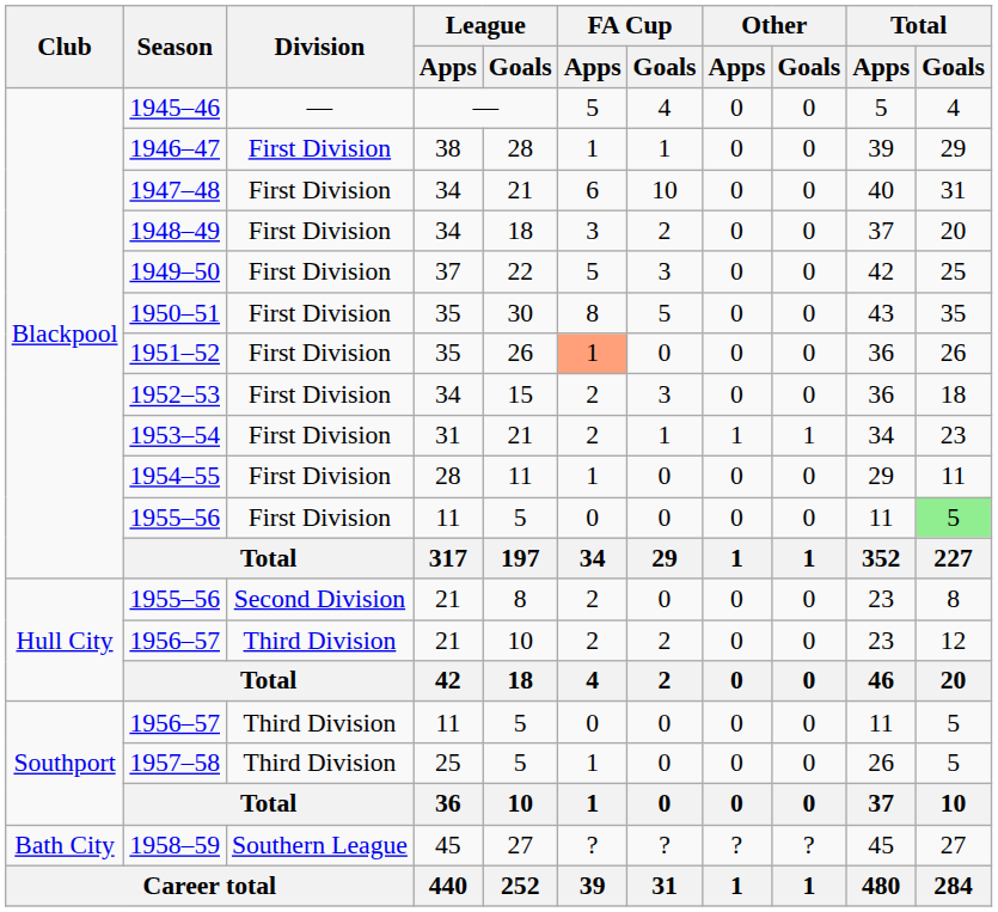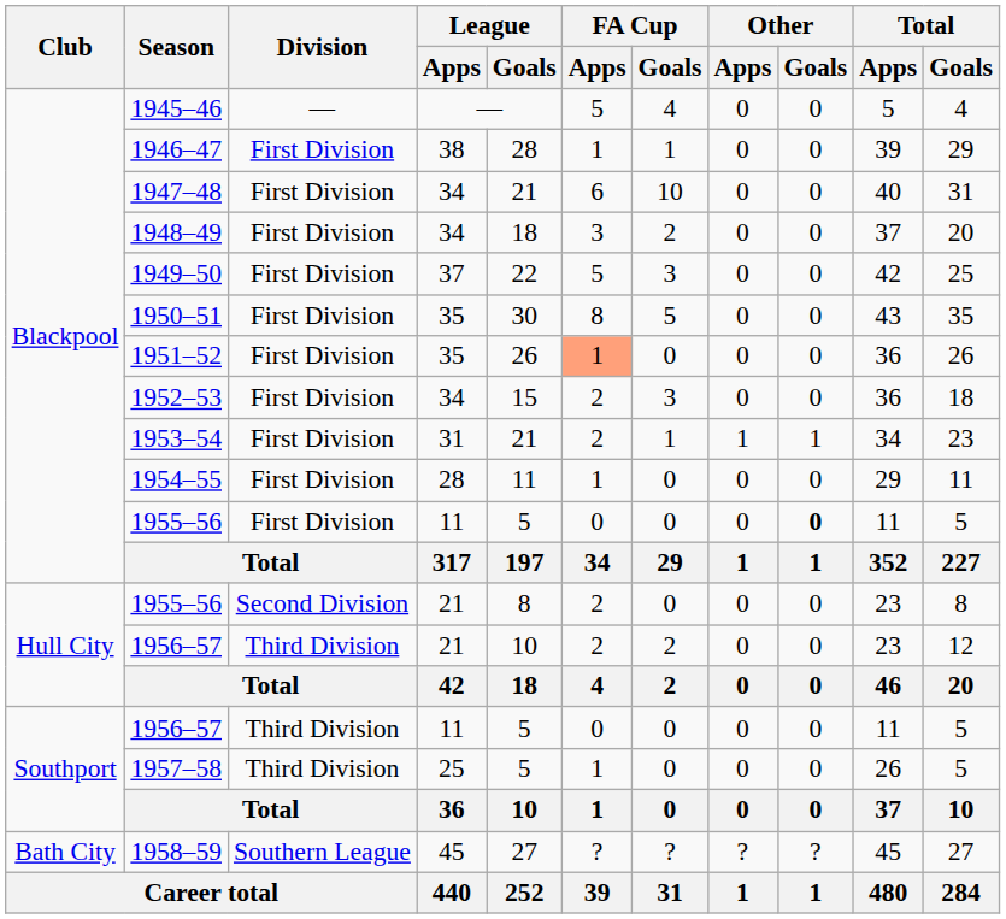 <table class="wikitable" style="text-align:center">
 <tr>
 <th rowspan="2">Club</th>
 <th rowspan="2">Season</th>
 <th rowspan="2">Division</th>
 <th colspan="2">League</th>
 <th colspan="2">FA Cup</th>
 <th colspan="2">Other</th>
 <th colspan="2">Total</th>
 </tr>
 <tr>
 <th>Apps</th>
 <th>Goals</th>
 <th>Apps</th>
 <th>Goals</th>
 <th>Apps</th>
 <th>Goals</th>
 <th>Apps</th>
 <th>Goals</th>
 </tr>
 <tr>
 <td rowspan="12"><a href='#'>Blackpool</a></td>
 <td><a href='#'>1945–46</a></td>
 <td>—</td>
 <td colspan="2">—</td>
 <td>5</td>
 <td>4</td>
 <td>0</td>
 <td>0</td>
 <td>5</td>
 <td>4</td>
 </tr>
 <tr>
 <td><a href='#'>1946–47</a></td>
 <td><a href='#'>First Division</a></td>
 <td>38</td>
 <td>28</td>
 <td>1</td>
 <td>1</td>
 <td>0</td>
 <td>0</td>
 <td>39</td>
 <td>29</td>
 </tr>
 <tr>
 <td><a href='#'>1947–48</a></td>
 <td>First Division</td>
 <td>34</td>
 <td>21</td>
 <td>6</td>
 <td>10</td>
 <td>0</td>
 <td>0</td>
 <td>40</td>
 <td>31</td>
 </tr>
 <tr>
 <td><a href='#'>1948–49</a></td>
 <td>First Division</td>
 <td>34</td>
 <td>18</td>
 <td>3</td>
 <td>2</td>
 <td>0</td>
 <td>0</td>
 <td>37</td>
 <td>20</td>
 </tr>
 <tr>
 <td><a href='#'>1949–50</a></td>
 <td>First Division</td>
 <td>37</td>
 <td>22</td>
 <td>5</td>
 <td>3</td>
 <td>0</td>
 <td>0</td>
 <td>42</td>
 <td>25</td>
 </tr>
 <tr>
 <td><a href='#'>1950–51</a></td>
 <td>First Division</td>
 <td>35</td>
 <td>30</td>
 <td>8</td>
 <td>5</td>
 <td>0</td>
 <td>0</td>
 <td>43</td>
 <td>35</td>
 </tr>
 <tr>
 <td><a href='#'>1951–52</a></td>
 <td>First Division</td>
 <td>35</td>
 <td>26</td>
 <td style="background: lightsalmon;">1</td>
 <td>0</td>
 <td>0</td>
 <td>0</td>
 <td>36</td>
 <td>26</td>
 </tr>
 <tr>
 <td><a href='#'>1952–53</a></td>
 <td>First Division</td>
 <td>34</td>
 <td>15</td>
 <td>2</td>
 <td>3</td>
 <td>0</td>
 <td>0</td>
 <td>36</td>
 <td>18</td>
 </tr>
 <tr>
 <td><a href='#'>1953–54</a></td>
 <td>First Division</td>
 <td>31</td>
 <td>21</td>
 <td>2</td>
 <td>1</td>
 <td>1</td>
 <td>1</td>
 <td>34</td>
 <td>23</td>
 </tr>
 <tr>
 <td><a href='#'>1954–55</a></td>
 <td>First Division</td>
 <td>28</td>
 <td>11</td>
 <td>1</td>
 <td>0</td>
 <td>0</td>
 <td>0</td>
 <td>29</td>
 <td>11</td>
 </tr>
 <tr>
 <td><a href='#'>1955–56</a></td>
 <td>First Division</td>
 <td>11</td>
 <td>5</td>
 <td>0</td>
 <td>0</td>
 <td>0</td>
-<td>0</td>
+<td><strong>0</strong></td>
 <td>11</td>
-<td style="background: lightgreen;">5</td>
+<td>5</td>
 </tr>
 <tr>
 <th colspan="2">Total</th>
 <th>317</th>
 <th>197</th>
 <th>34</th>
 <th>29</th>
 <th>1</th>
 <th>1</th>
 <th>352</th>
 <th>227</th>
 </tr>
 <tr>
 <td rowspan="3"><a href='#'>Hull City</a></td>
 <td><a href='#'>1955–56</a></td>
 <td><a href='#'>Second Division</a></td>
 <td>21</td>
 <td>8</td>
 <td>2</td>
 <td>0</td>
 <td>0</td>
 <td>0</td>
 <td>23</td>
 <td>8</td>
 </tr>
 <tr>
 <td><a href='#'>1956–57</a></td>
 <td><a href='#'>Third Division</a></td>
 <td>21</td>
 <td>10</td>
 <td>2</td>
 <td>2</td>
 <td>0</td>
 <td>0</td>
 <td>23</td>
 <td>12</td>
 </tr>
 <tr>
 <th colspan="2">Total</th>
 <th>42</th>
 <th>18</th>
 <th>4</th>
 <th>2</th>
 <th>0</th>
 <th>0</th>
 <th>46</th>
 <th>20</th>
 </tr>
 <tr>
 <td rowspan="3"><a href='#'>Southport</a></td>
 <td><a href='#'>1956–57</a></td>
 <td>Third Division</td>
 <td>11</td>
 <td>5</td>
 <td>0</td>
 <td>0</td>
 <td>0</td>
 <td>0</td>
 <td>11</td>
 <td>5</td>
 </tr>
 <tr>
 <td><a href='#'>1957–58</a></td>
 <td>Third Division</td>
 <td>25</td>
 <td>5</td>
 <td>1</td>
 <td>0</td>
 <td>0</td>
 <td>0</td>
 <td>26</td>
 <td>5</td>
 </tr>
 <tr>
 <th colspan="2">Total</th>
 <th>36</th>
 <th>10</th>
 <th>1</th>
 <th>0</th>
 <th>0</th>
 <th>0</th>
 <th>37</th>
 <th>10</th>
 </tr>
 <tr>
 <td><a href='#'>Bath City</a></td>
 <td><a href='#'>1958–59</a></td>
 <td><a href='#'>Southern League</a></td>
 <td>45</td>
 <td>27</td>
 <td>?</td>
 <td>?</td>
 <td>?</td>
 <td>?</td>
 <td>45</td>
 <td>27</td>
 </tr>
 <tr>
 <th colspan="3">Career total</th>
 <th>440</th>
 <th>252</th>
 <th>39</th>
 <th>31</th>
 <th>1</th>
 <th>1</th>
 <th>480</th>
 <th>284</th>
 </tr>
 </table>
